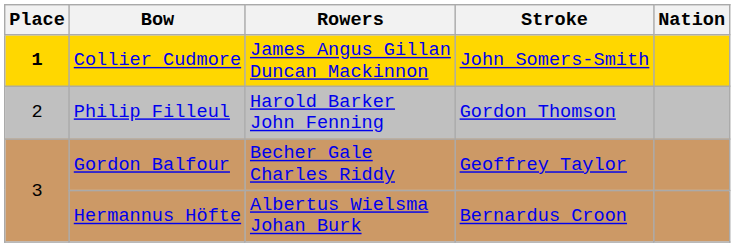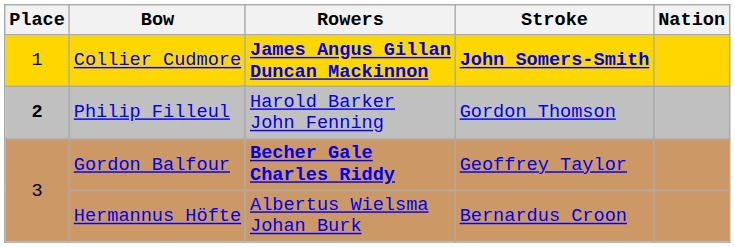 <table class=wikitable>
 <tr>
 <th>Place</th>
 <th>Bow</th>
 <th>Rowers</th>
 <th>Stroke</th>
 <th>Nation</th>
 </tr>
 <tr bgcolor=gold>
-<td align=center><strong>1</strong></td>
+<td align=center>1</td>
 <td><a href='#'>Collier Cudmore</a></td>
-<td><a href='#'>James Angus Gillan</a> <br> <a href='#'>Duncan Mackinnon</a></td>
-<td><a href='#'>John Somers-Smith</a></td>
+<td><strong><a href='#'>James Angus Gillan</a> <br> <a href='#'>Duncan Mackinnon</a></strong></td>
+<td><strong><a href='#'>John Somers-Smith</a></strong></td>
 <td></td>
 </tr>
 <tr bgcolor=silver>
-<td align=center>2</td>
+<td align=center><strong>2</strong></td>
 <td><a href='#'>Philip Filleul</a></td>
 <td><a href='#'>Harold Barker</a> <br> <a href='#'>John Fenning</a></td>
 <td><a href='#'>Gordon Thomson</a></td>
 <td></td>
 </tr>
 <tr bgcolor=cc9966>
 <td align=center rowspan=2>3</td>
 <td><a href='#'>Gordon Balfour</a></td>
-<td><a href='#'>Becher Gale</a> <br> <a href='#'>Charles Riddy</a></td>
+<td><strong><a href='#'>Becher Gale</a> <br> <a href='#'>Charles Riddy</a></strong></td>
 <td><a href='#'>Geoffrey Taylor</a></td>
 <td></td>
 </tr>
 <tr bgcolor=cc9966>
 <td><a href='#'>Hermannus Höfte</a></td>
 <td><a href='#'>Albertus Wielsma</a> <br> <a href='#'>Johan Burk</a></td>
 <td><a href='#'>Bernardus Croon</a></td>
 <td></td>
 </tr>
 </table>
